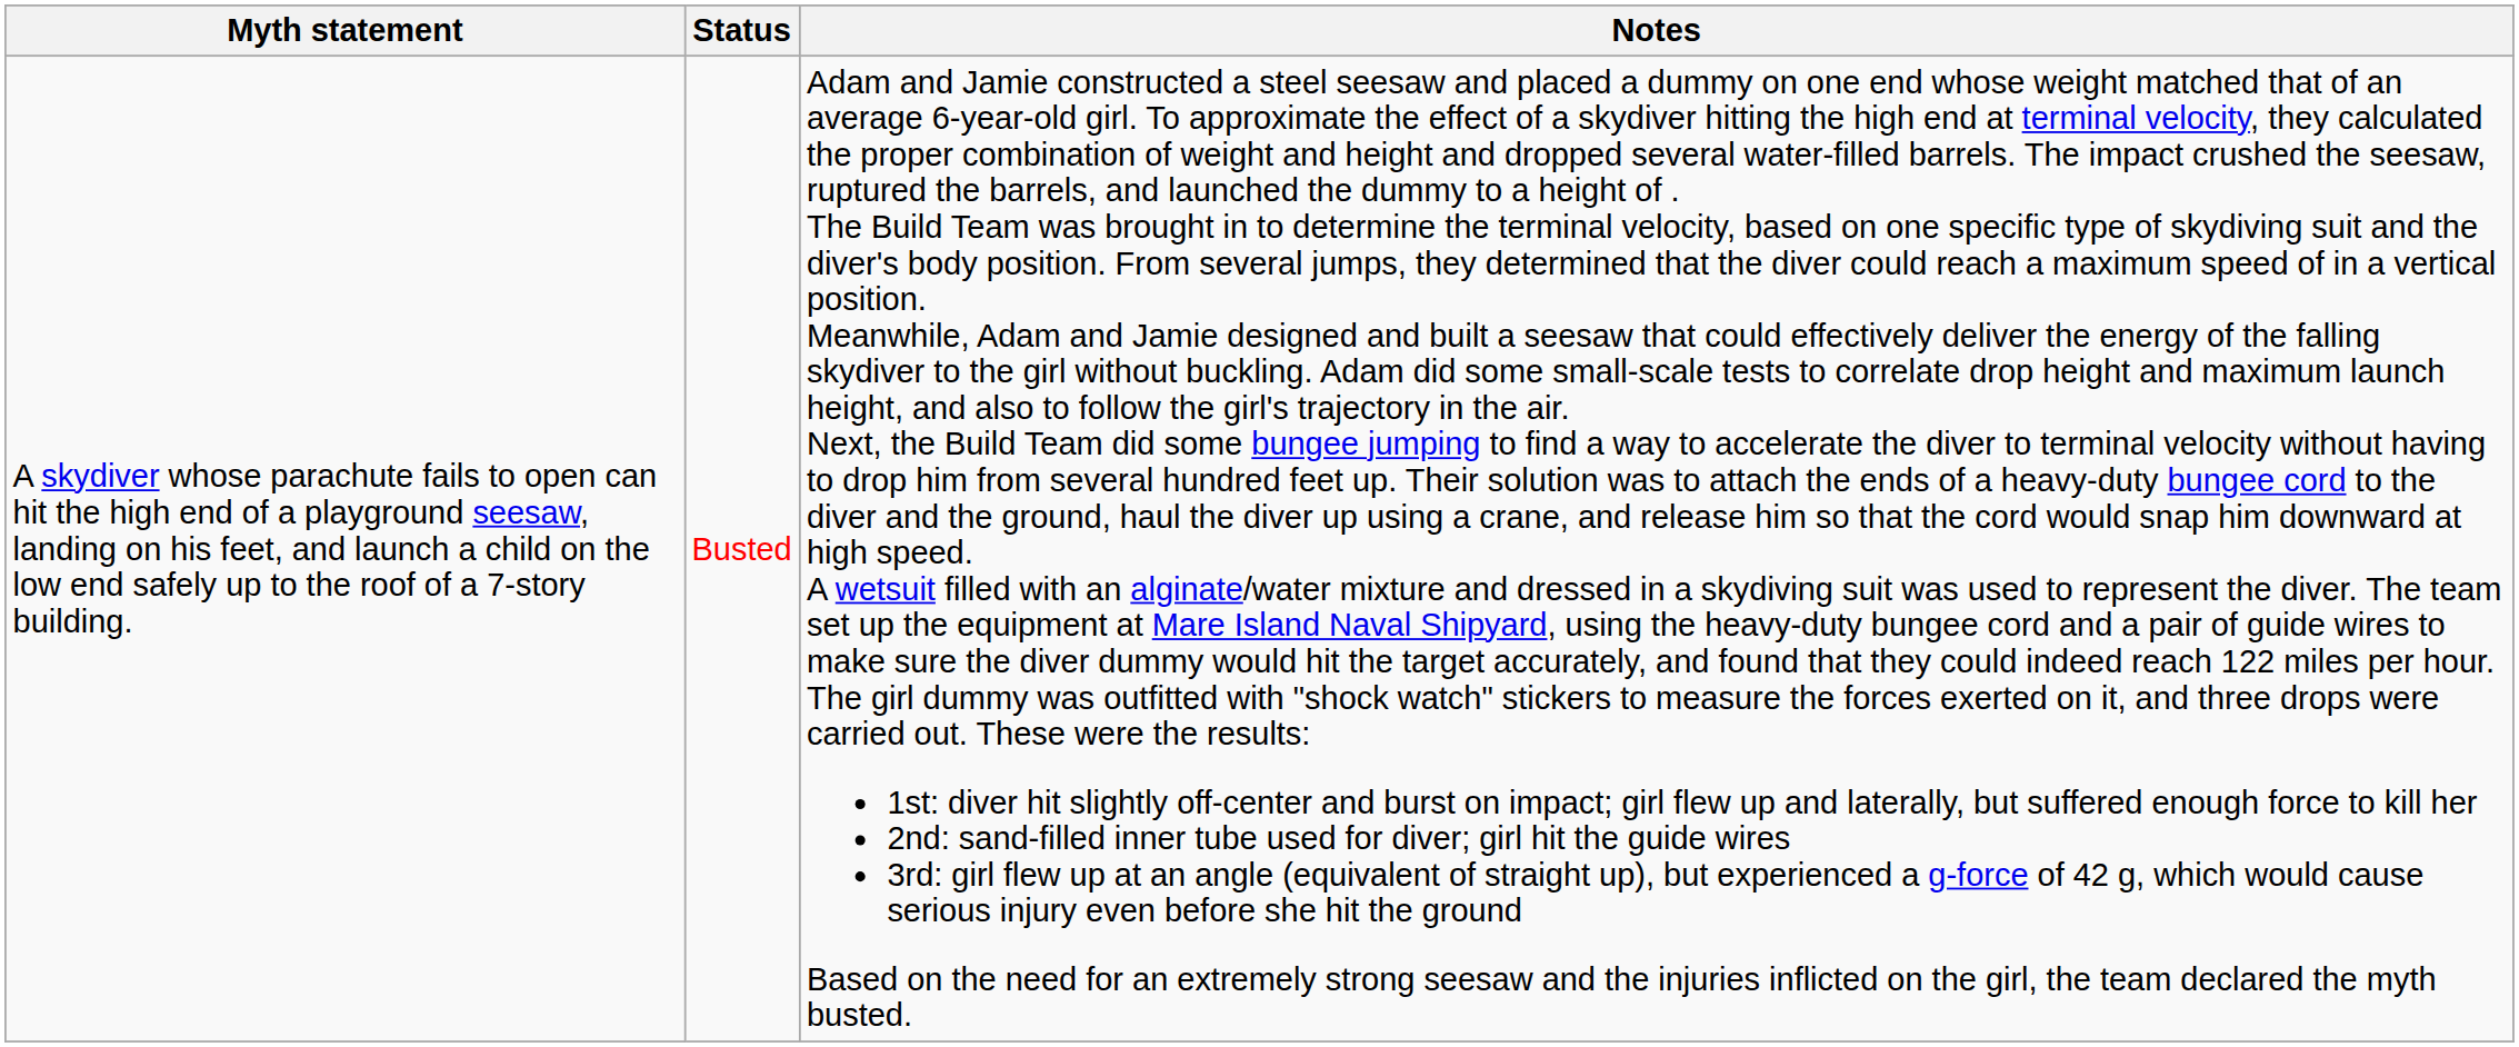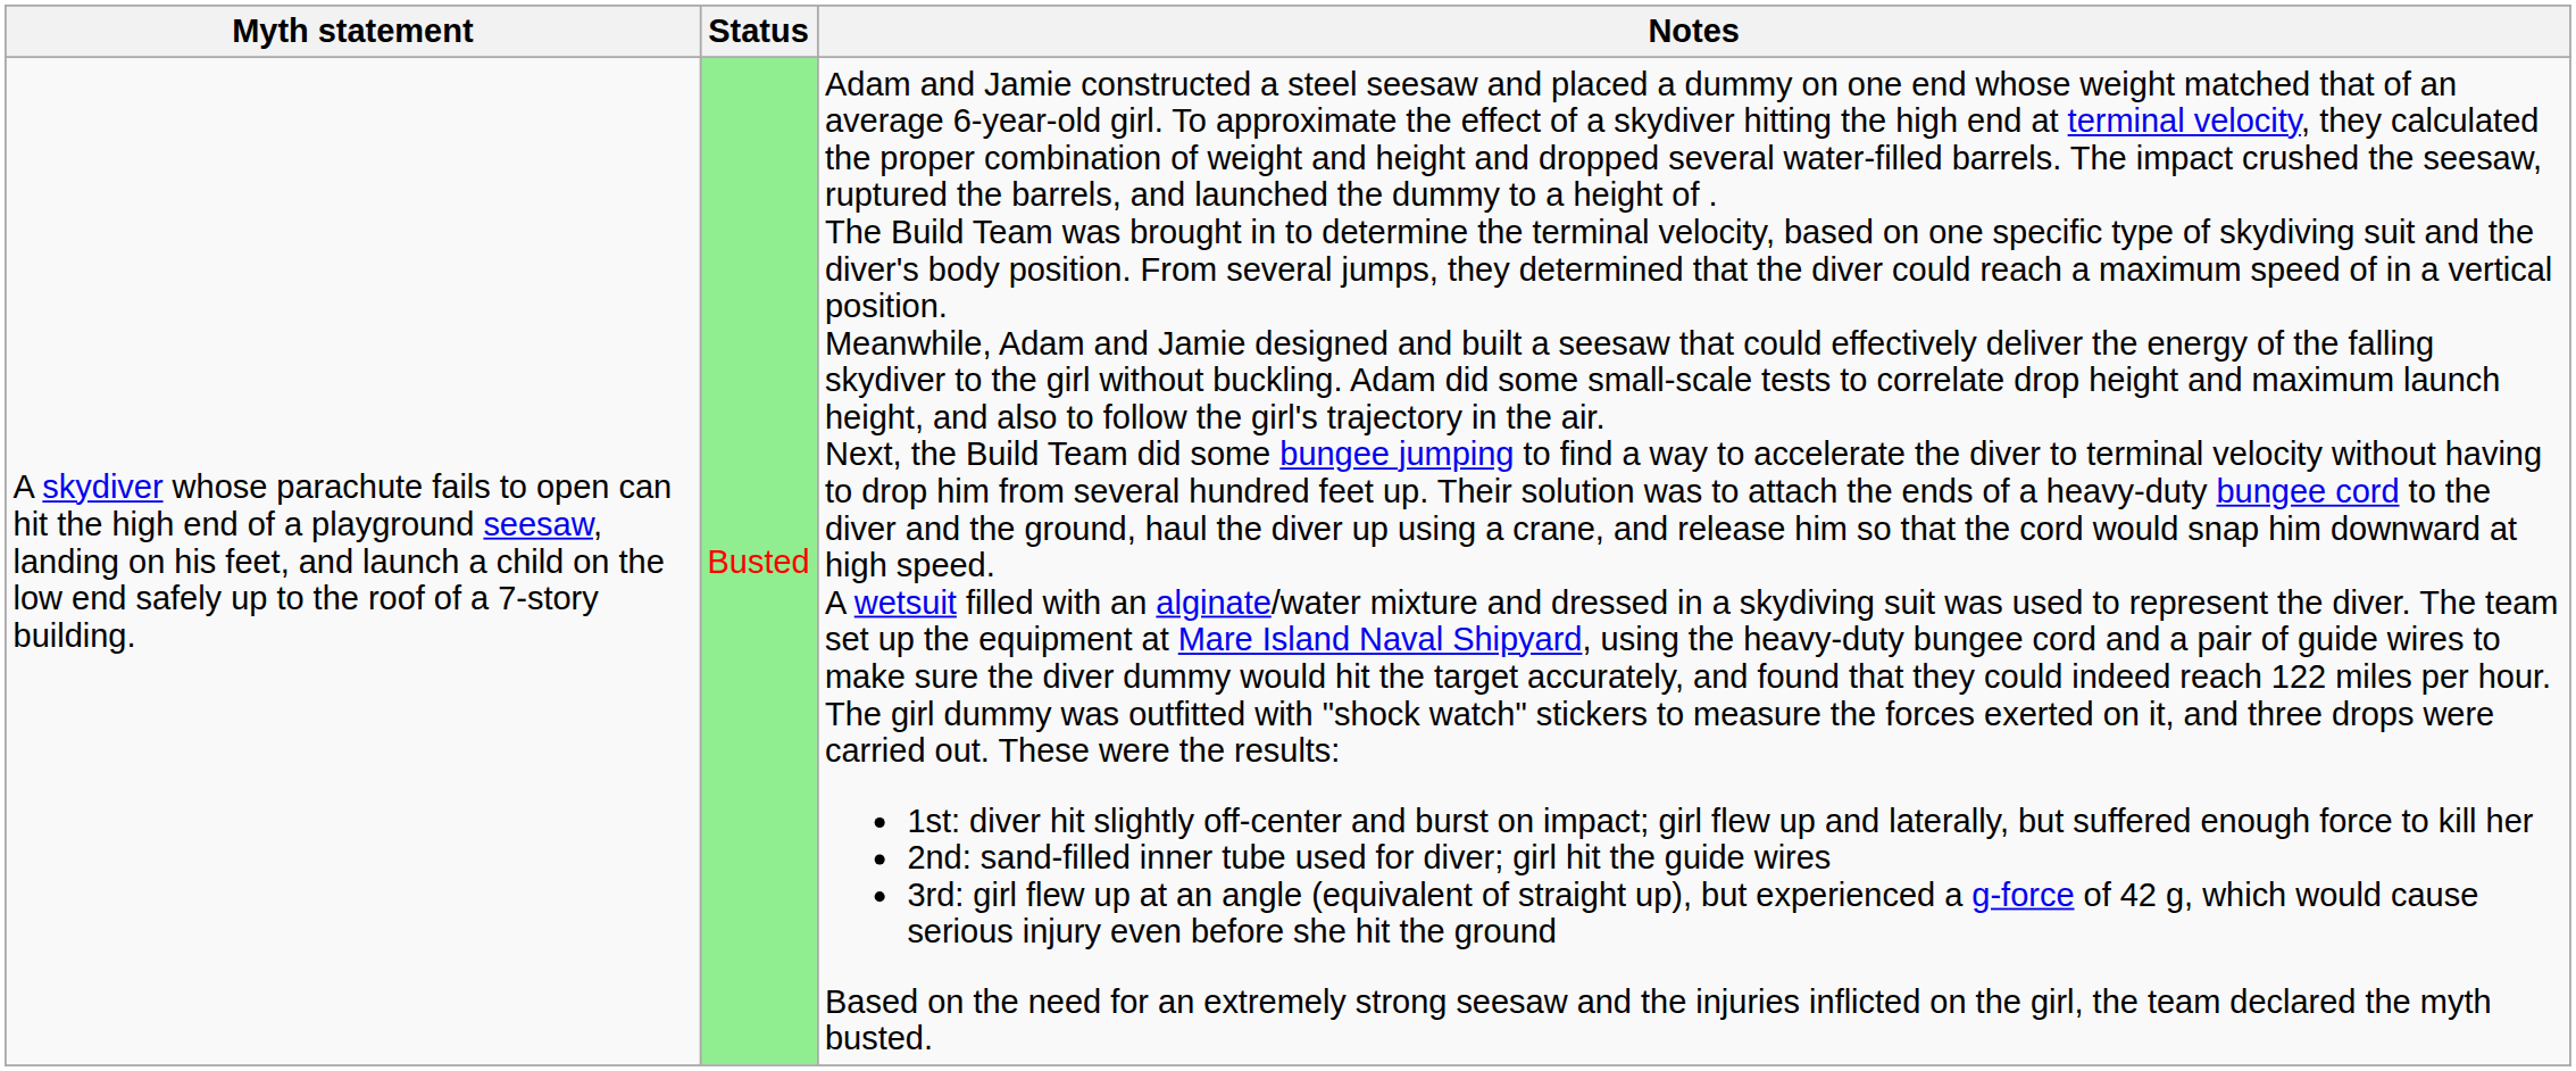 <table class="wikitable plainrowheaders">
 <tr>
 <th>Myth statement</th>
 <th>Status</th>
 <th>Notes</th>
 </tr>
 <tr>
 <td>A <a href='#'>skydiver</a> whose parachute fails to open can hit the high end of a playground <a href='#'>seesaw</a>, landing on his feet, and launch a child on the low end safely up to the roof of a 7-story building.</td>
-<td style="color:red">Busted</td>
+<td style="background: lightgreen; color:red">Busted</td>
 <td>Adam and Jamie constructed a steel seesaw and placed a dummy on one end whose weight matched that of an average 6-year-old girl. To approximate the effect of a skydiver hitting the high end at <a href='#'>terminal velocity</a>, they calculated the proper combination of weight and height and dropped several water-filled barrels. The impact crushed the seesaw, ruptured the barrels, and launched the dummy to a height of .<br>The Build Team was brought in to determine the terminal velocity, based on one specific type of skydiving suit and the diver's body position. From several jumps, they determined that the diver could reach a maximum speed of  in a vertical position.<br>Meanwhile, Adam and Jamie designed and built a seesaw that could effectively deliver the energy of the falling skydiver to the girl without buckling. Adam did some small-scale tests to correlate drop height and maximum launch height, and also to follow the girl's trajectory in the air.<br>Next, the Build Team did some <a href='#'>bungee jumping</a> to find a way to accelerate the diver to terminal velocity without having to drop him from several hundred feet up. Their solution was to attach the ends of a heavy-duty <a href='#'>bungee cord</a> to the diver and the ground, haul the diver up using a crane, and release him so that the cord would snap him downward at high speed.<br>A <a href='#'>wetsuit</a> filled with an <a href='#'>alginate</a>/water mixture and dressed in a skydiving suit was used to represent the diver. The team set up the equipment at <a href='#'>Mare Island Naval Shipyard</a>, using the heavy-duty bungee cord and a pair of guide wires to make sure the diver dummy would hit the target accurately, and found that they could indeed reach 122 miles per hour. The girl dummy was outfitted with "shock watch" stickers to measure the forces exerted on it, and three drops were carried out. These were the results:<ul><li>1st: diver hit slightly off-center and burst on impact; girl flew  up and  laterally, but suffered enough force to kill her</li><li>2nd: sand-filled inner tube used for diver; girl hit the guide wires</li><li>3rd: girl flew  up at an angle (equivalent of  straight up), but experienced a <a href='#'>g-force</a> of 42 g, which would cause serious injury even before she hit the ground</li></ul>Based on the need for an extremely strong seesaw and the injuries inflicted on the girl, the team declared the myth busted.</td>
 </tr>
 </table>
